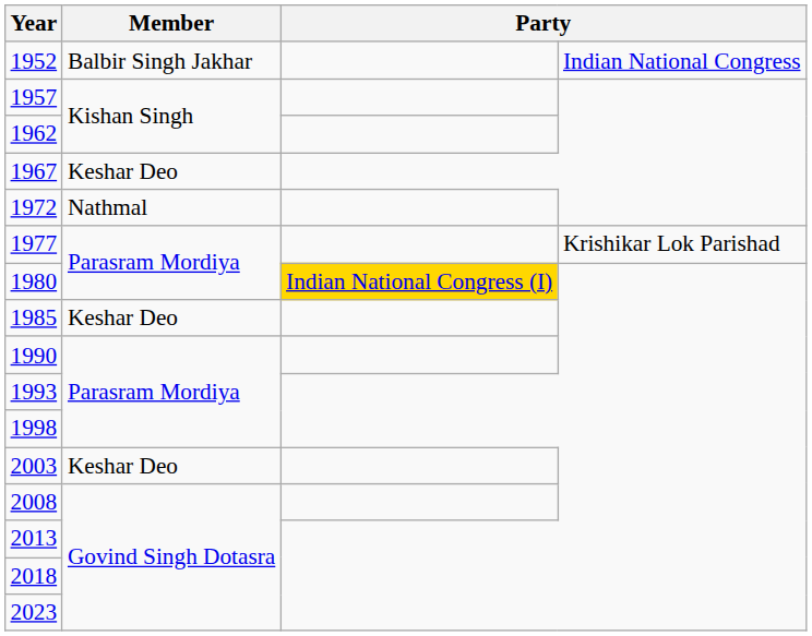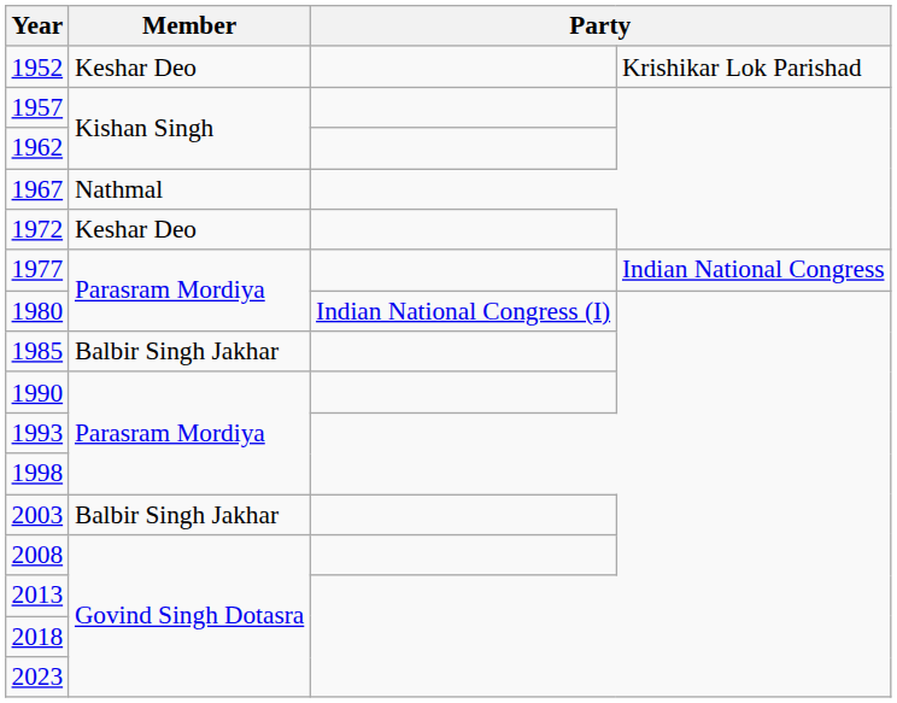 <table class="wikitable sortable">
 <tr>
 <th>Year</th>
 <th>Member</th>
 <th colspan=2>Party</th>
 </tr>
 <tr>
 <td><a href='#'>1952</a></td>
-<td>Balbir Singh Jakhar</td>
+<td>Keshar Deo</td>
 <td style="background-color: "></td>
-<td><a href='#'>Indian National Congress</a></td>
+<td>Krishikar Lok Parishad</td>
 </tr>
 <tr>
 <td><a href='#'>1957</a></td>
 <td rowspan="2">Kishan Singh</td>
 <td></td>
 </tr>
 <tr>
 <td><a href='#'>1962</a></td>
 <td></td>
 </tr>
 <tr>
 <td><a href='#'>1967</a></td>
-<td>Keshar Deo</td>
+<td>Nathmal</td>
 </tr>
 <tr>
 <td><a href='#'>1972</a></td>
-<td>Nathmal</td>
+<td>Keshar Deo</td>
 <td></td>
 </tr>
 <tr>
 <td><a href='#'>1977</a></td>
 <td rowspan="2"><a href='#'>Parasram Mordiya</a></td>
 <td style="background-color: "></td>
-<td>Krishikar Lok Parishad</td>
+<td><a href='#'>Indian National Congress</a></td>
 </tr>
 <tr>
 <td><a href='#'>1980</a></td>
-<td style="background: gold;"><a href='#'>Indian National Congress (I)</a></td>
+<td><a href='#'>Indian National Congress (I)</a></td>
 </tr>
 <tr>
 <td><a href='#'>1985</a></td>
-<td>Keshar Deo</td>
+<td>Balbir Singh Jakhar</td>
 <td></td>
 </tr>
 <tr>
 <td><a href='#'>1990</a></td>
 <td rowspan="3"><a href='#'>Parasram Mordiya</a></td>
 <td></td>
 </tr>
 <tr>
 <td><a href='#'>1993</a></td>
 </tr>
 <tr>
 <td><a href='#'>1998</a></td>
 </tr>
 <tr>
 <td><a href='#'>2003</a></td>
-<td>Keshar Deo</td>
+<td>Balbir Singh Jakhar</td>
 <td></td>
 </tr>
 <tr>
 <td><a href='#'>2008</a></td>
 <td rowspan="4"><a href='#'>Govind Singh Dotasra</a></td>
 <td><br></td>
 </tr>
 <tr>
 <td><a href='#'>2013</a></td>
 </tr>
 <tr>
 <td><a href='#'>2018</a></td>
 </tr>
 <tr>
 <td><a href='#'>2023</a></td>
 </tr>
 </table>
